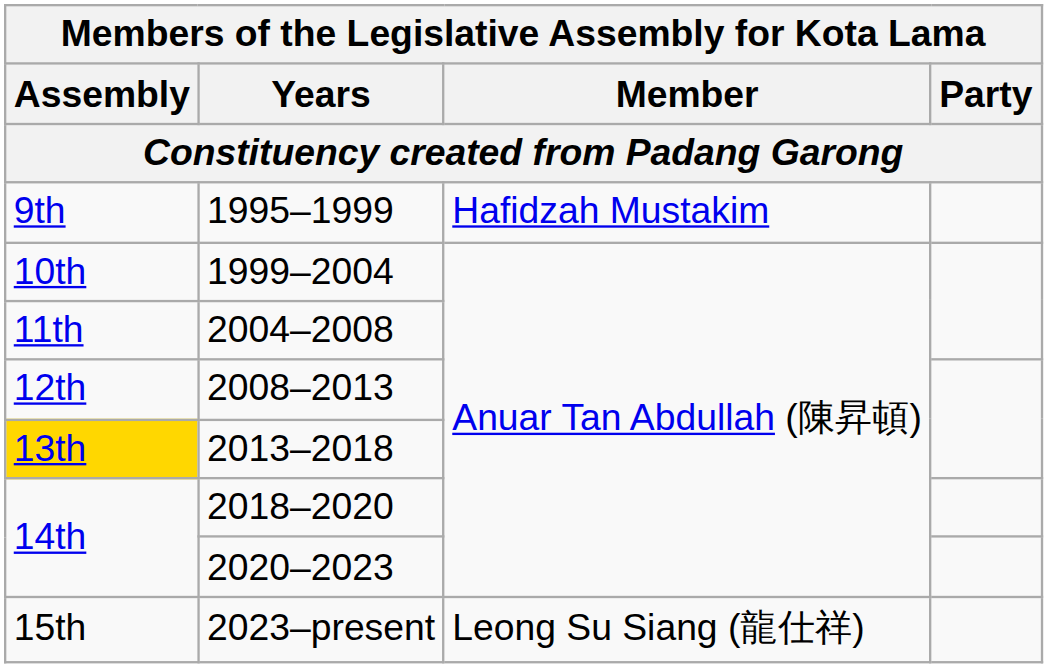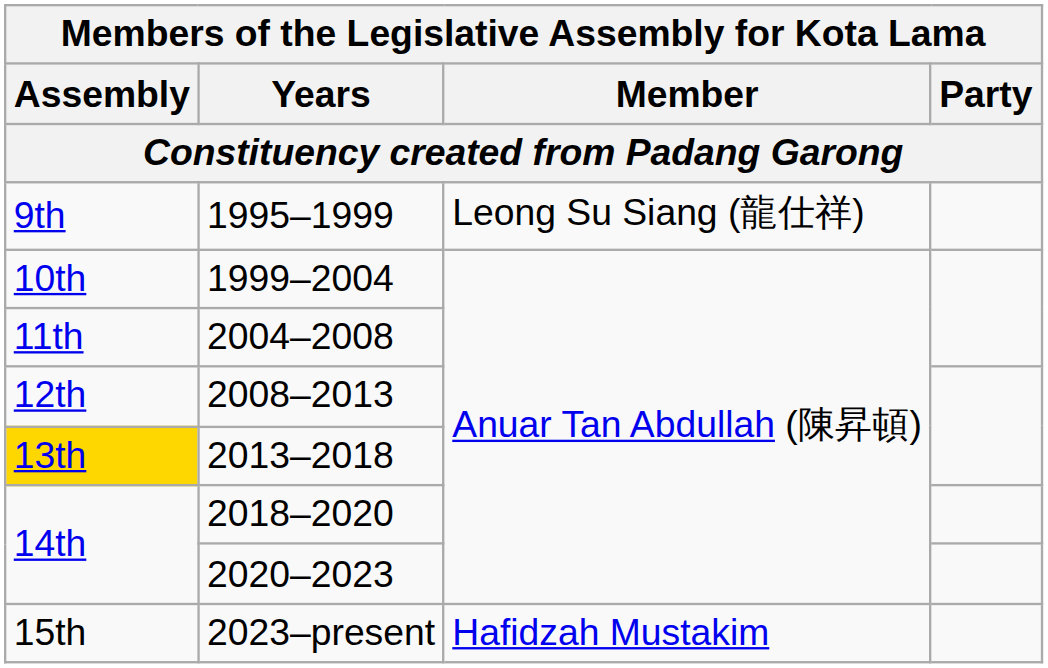 <table class=wikitable>
 <tr>
 <th colspan=4>Members of the Legislative Assembly for Kota Lama</th>
 </tr>
 <tr>
 <th>Assembly</th>
 <th>Years</th>
 <th>Member</th>
 <th>Party</th>
 </tr>
 <tr>
 <th colspan=4 align=center><em>Constituency created from Padang Garong</em></th>
 </tr>
 <tr>
 <td><a href='#'>9th</a></td>
 <td>1995–1999</td>
-<td><a href='#'>Hafidzah Mustakim</a></td>
+<td>Leong Su Siang (龍仕祥)</td>
 <td></td>
 </tr>
 <tr>
 <td><a href='#'>10th</a></td>
 <td>1999–2004</td>
 <td rowspan="6"><a href='#'>Anuar Tan Abdullah</a> (陳昇頓)</td>
 <td rowspan="2"></td>
 </tr>
 <tr>
 <td><a href='#'>11th</a></td>
 <td>2004–2008</td>
 </tr>
 <tr>
 <td><a href='#'>12th</a></td>
 <td>2008–2013</td>
 <td rowspan=2></td>
 </tr>
 <tr>
 <td style="background: gold;"><a href='#'>13th</a></td>
 <td>2013–2018</td>
 </tr>
 <tr>
 <td rowspan="2"><a href='#'>14th</a></td>
 <td>2018–2020</td>
 <td></td>
 </tr>
 <tr>
 <td>2020–2023</td>
 <td></td>
 </tr>
 <tr>
 <td>15th</td>
 <td>2023–present</td>
-<td>Leong Su Siang (龍仕祥)</td>
+<td><a href='#'>Hafidzah Mustakim</a></td>
 <td></td>
 </tr>
 </table>
